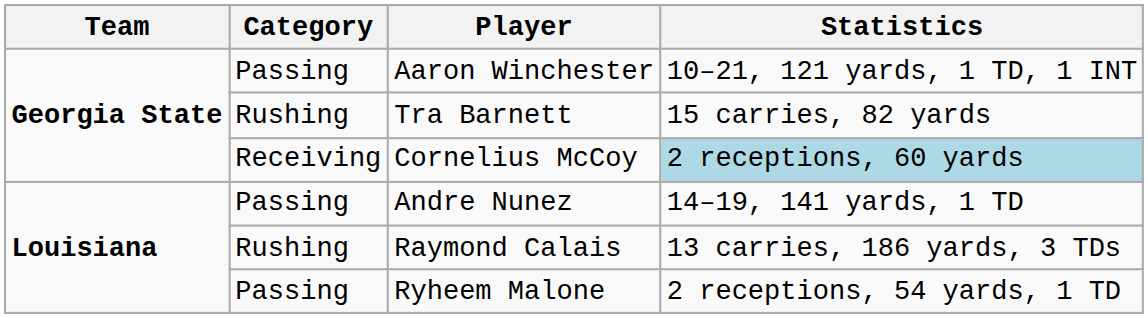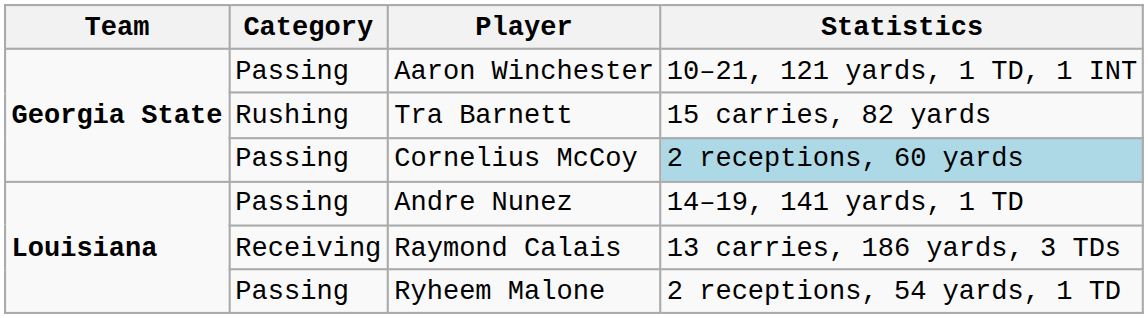 <table class="wikitable" style="float: left;">
 <tr>
 <th>Team</th>
 <th>Category</th>
 <th>Player</th>
 <th>Statistics</th>
 </tr>
 <tr>
 <td rowspan=3><strong>Georgia State</strong></td>
 <td>Passing</td>
 <td>Aaron Winchester</td>
 <td>10–21, 121 yards, 1 TD, 1 INT</td>
 </tr>
 <tr>
 <td>Rushing</td>
 <td>Tra Barnett</td>
 <td>15 carries, 82 yards</td>
 </tr>
 <tr>
-<td>Receiving</td>
+<td>Passing</td>
 <td>Cornelius McCoy</td>
 <td style="background: lightblue;">2 receptions, 60 yards</td>
 </tr>
 <tr>
 <td rowspan=3><strong>Louisiana</strong></td>
 <td>Passing</td>
 <td>Andre Nunez</td>
 <td>14–19, 141 yards, 1 TD</td>
 </tr>
 <tr>
-<td>Rushing</td>
+<td>Receiving</td>
 <td>Raymond Calais</td>
 <td>13 carries, 186 yards, 3 TDs</td>
 </tr>
 <tr>
 <td>Passing</td>
 <td>Ryheem Malone</td>
 <td>2 receptions, 54 yards, 1 TD</td>
 </tr>
 </table>
